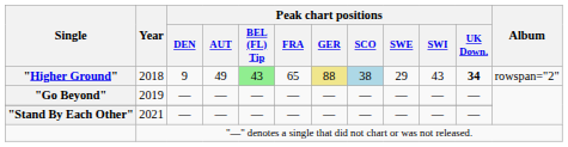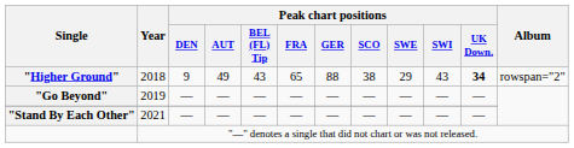 <table class="wikitable plainrowheaders" style="text-align:center;">
 <tr>
 <th scope="col" rowspan="2">Single</th>
 <th scope="col" rowspan="2">Year</th>
 <th scope="col" colspan="9">Peak chart positions</th>
 <th scope="col" rowspan="2">Album</th>
 </tr>
 <tr>
 <th scope="col" style="width:3em;font-size:85%;"><a href='#'>DEN</a><br></th>
 <th scope="col" style="width:3em;font-size:85%;"><a href='#'>AUT</a><br></th>
 <th scope="col" style="width:3em;font-size:85%;"><a href='#'>BEL<br>(FL)<br>Tip</a><br></th>
 <th scope="col" style="width:3em;font-size:85%;"><a href='#'>FRA</a><br></th>
 <th scope="col" style="width:3em;font-size:85%;"><a href='#'>GER</a><br></th>
 <th scope="col" style="width:3em;font-size:85%;"><a href='#'>SCO</a><br></th>
 <th scope="col" style="width:3em;font-size:85%;"><a href='#'>SWE</a><br></th>
 <th scope="col" style="width:3em;font-size:85%;"><a href='#'>SWI</a><br></th>
 <th scope="col" style="width:3em;font-size:85%;"><a href='#'>UK<br>Down.</a><br></th>
 </tr>
 <tr>
 <th scope="row">"<a href='#'>Higher Ground</a>"</th>
 <td>2018</td>
 <td>9</td>
 <td>49</td>
-<td style="background: lightgreen;">43</td>
+<td>43</td>
 <td>65</td>
-<td style="background: khaki;">88</td>
-<td style="background: lightblue;">38</td>
+<td>88</td>
+<td>38</td>
 <td>29</td>
 <td>43</td>
 <td><strong>34</strong></td>
 <td>rowspan="2" </td>
 </tr>
 <tr>
 <th scope="row">"Go Beyond"</th>
 <td>2019</td>
 <td>—</td>
 <td>—</td>
 <td>—</td>
 <td>—</td>
 <td>—</td>
 <td>—</td>
 <td>—</td>
 <td>—</td>
 <td>—</td>
 </tr>
 <tr>
 </tr>
 <tr>
 <th scope="row">"Stand By Each Other"</th>
 <td>2021</td>
 <td>—</td>
 <td>—</td>
 <td>—</td>
 <td>—</td>
 <td>—</td>
 <td>—</td>
 <td>—</td>
 <td>—</td>
 <td>—</td>
 </tr>
 <tr>
 <td></td>
 <td colspan="22" style="text-align:center; font-size:85%;">"—" denotes a single that did not chart or was not released.</td>
 </tr>
 </table>
